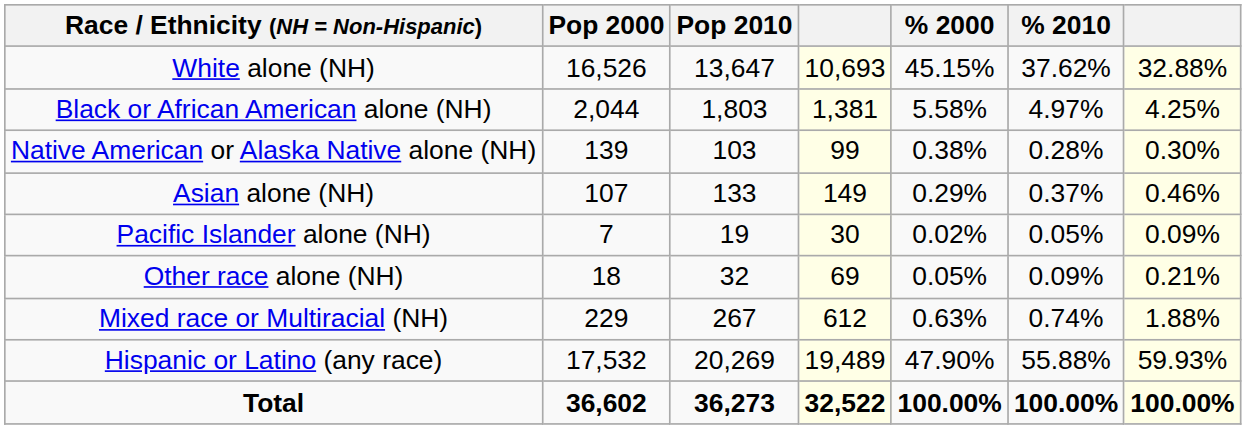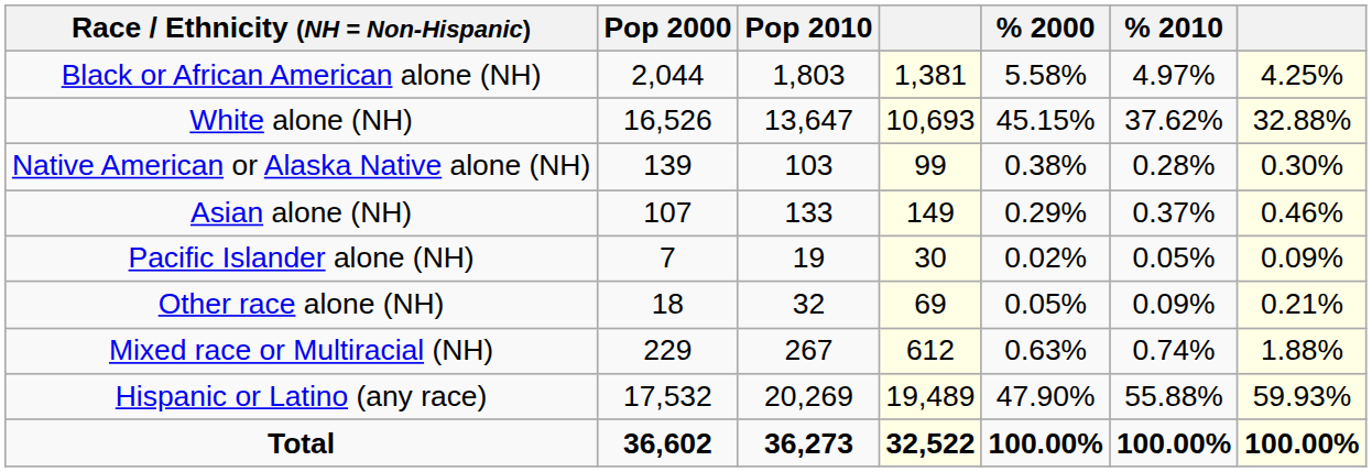 <table class="wikitable" style="text-align:center;">
 <tr>
 <th>Race / Ethnicity <small>(<em>NH = Non-Hispanic</em>)</small></th>
 <th>Pop 2000</th>
 <th>Pop 2010</th>
 <th></th>
 <th>% 2000</th>
 <th>% 2010</th>
 <th></th>
 </tr>
 <tr>
+<td><a href='#'>Black or African American</a> alone (NH)</td>
+<td>2,044</td>
+<td>1,803</td>
+<td style='background: #ffffe6;'>1,381</td>
+<td>5.58%</td>
+<td>4.97%</td>
+<td style='background: #ffffe6;'>4.25%</td>
+</tr>
+<tr>
 <td><a href='#'>White</a> alone (NH)</td>
 <td>16,526</td>
 <td>13,647</td>
 <td style='background: #ffffe6;'>10,693</td>
 <td>45.15%</td>
 <td>37.62%</td>
 <td style='background: #ffffe6;'>32.88%</td>
-</tr>
-<tr>
-<td><a href='#'>Black or African American</a> alone (NH)</td>
-<td>2,044</td>
-<td>1,803</td>
-<td style='background: #ffffe6;'>1,381</td>
-<td>5.58%</td>
-<td>4.97%</td>
-<td style='background: #ffffe6;'>4.25%</td>
 </tr>
 <tr>
 <td><a href='#'>Native American</a> or <a href='#'>Alaska Native</a> alone (NH)</td>
 <td>139</td>
 <td>103</td>
 <td style='background: #ffffe6;'>99</td>
 <td>0.38%</td>
 <td>0.28%</td>
 <td style='background: #ffffe6;'>0.30%</td>
 </tr>
 <tr>
 <td><a href='#'>Asian</a> alone (NH)</td>
 <td>107</td>
 <td>133</td>
 <td style='background: #ffffe6;'>149</td>
 <td>0.29%</td>
 <td>0.37%</td>
 <td style='background: #ffffe6;'>0.46%</td>
 </tr>
 <tr>
 <td><a href='#'>Pacific Islander</a> alone (NH)</td>
 <td>7</td>
 <td>19</td>
 <td style='background: #ffffe6;'>30</td>
 <td>0.02%</td>
 <td>0.05%</td>
 <td style='background: #ffffe6;'>0.09%</td>
 </tr>
 <tr>
 <td><a href='#'>Other race</a> alone (NH)</td>
 <td>18</td>
 <td>32</td>
 <td style='background: #ffffe6;'>69</td>
 <td>0.05%</td>
 <td>0.09%</td>
 <td style='background: #ffffe6;'>0.21%</td>
 </tr>
 <tr>
 <td><a href='#'>Mixed race or Multiracial</a> (NH)</td>
 <td>229</td>
 <td>267</td>
 <td style='background: #ffffe6;'>612</td>
 <td>0.63%</td>
 <td>0.74%</td>
 <td style='background: #ffffe6;'>1.88%</td>
 </tr>
 <tr>
 <td><a href='#'>Hispanic or Latino</a> (any race)</td>
 <td>17,532</td>
 <td>20,269</td>
 <td style='background: #ffffe6;'>19,489</td>
 <td>47.90%</td>
 <td>55.88%</td>
 <td style='background: #ffffe6;'>59.93%</td>
 </tr>
 <tr>
 <td><strong>Total</strong></td>
 <td><strong>36,602</strong></td>
 <td><strong>36,273</strong></td>
 <td style='background: #ffffe6;'><strong>32,522</strong></td>
 <td><strong>100.00%</strong></td>
 <td><strong>100.00%</strong></td>
 <td style='background: #ffffe6;'><strong>100.00%</strong></td>
 </tr>
 </table>
